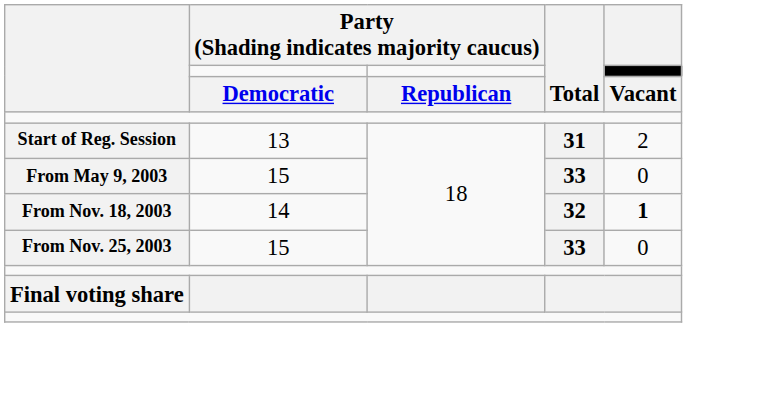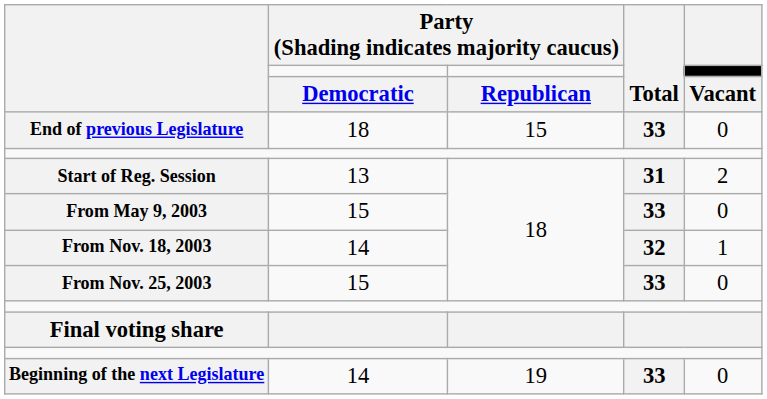 <table class=wikitable style="text-align:center">
 <tr style="vertical-align:bottom;">
 <th rowspan=3></th>
 <th colspan=2>Party <div>(Shading indicates majority caucus)</div></th>
 <th rowspan=3>Total</th>
 <th></th>
 </tr>
 <tr style="height:5px">
 <td style="background-color:"></td>
 <td style="background-color:"></td>
 <td style="background-color:black"></td>
 </tr>
 <tr>
 <th><a href='#'>Democratic</a></th>
 <th><a href='#'>Republican</a></th>
 <th>Vacant</th>
+</tr>
+<tr>
+<th nowrap style="font-size:80%">End of <a href='#'>previous Legislature</a></th>
+<td>18</td>
+<td>15</td>
+<th>33</th>
+<td>0</td>
 </tr>
 <tr>
 <td colspan=5></td>
 </tr>
 <tr>
 <th nowrap style="font-size:80%">Start of Reg. Session </th>
 <td>13</td>
 <td rowspan="4" >18</td>
 <th>31</th>
 <td>2</td>
 </tr>
 <tr>
 <th nowrap style="font-size:80%">From May 9, 2003</th>
 <td>15</td>
 <th>33</th>
 <td>0</td>
 </tr>
 <tr>
 <th nowrap style="font-size:80%">From Nov. 18, 2003</th>
 <td>14</td>
 <th>32</th>
-<td><strong>1</strong></td>
+<td>1</td>
 </tr>
 <tr>
 <th nowrap style="font-size:80%">From Nov. 25, 2003</th>
 <td>15</td>
 <th>33</th>
 <td>0</td>
 </tr>
 <tr>
 <td colspan=5></td>
 </tr>
 <tr>
 <th>Final voting share</th>
 <th></th>
 <th></th>
 <th colspan=2></th>
 </tr>
 <tr>
 <td colspan=5></td>
 </tr>
+<tr>
+<th style="white-space:nowrap; font-size:80%;">Beginning of the <a href='#'>next Legislature</a></th>
+<td>14</td>
+<td>19</td>
+<th>33</th>
+<td>0</td>
+</tr>
 </table>
